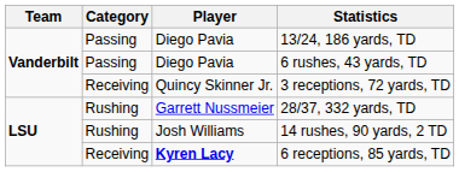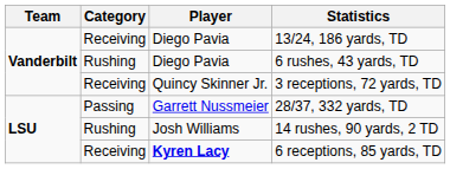 <table class="wikitable" style="float: right;">
 <tr>
 <th>Team</th>
 <th>Category</th>
 <th>Player</th>
 <th>Statistics</th>
 </tr>
 <tr>
 <td rowspan=3><strong>Vanderbilt</strong></td>
-<td>Passing</td>
+<td>Receiving</td>
 <td>Diego Pavia</td>
 <td>13/24, 186 yards, TD</td>
 </tr>
 <tr>
-<td>Passing</td>
+<td>Rushing</td>
 <td>Diego Pavia</td>
 <td>6 rushes, 43 yards, TD</td>
 </tr>
 <tr>
 <td>Receiving</td>
 <td>Quincy Skinner Jr.</td>
 <td>3 receptions, 72 yards, TD</td>
 </tr>
 <tr>
 <td rowspan=3><strong>LSU</strong></td>
-<td>Rushing</td>
+<td>Passing</td>
 <td><a href='#'>Garrett Nussmeier</a></td>
 <td>28/37, 332 yards, TD</td>
 </tr>
 <tr>
 <td>Rushing</td>
 <td>Josh Williams</td>
 <td>14 rushes, 90 yards, 2 TD</td>
 </tr>
 <tr>
 <td>Receiving</td>
 <td><strong><a href='#'>Kyren Lacy</a></strong></td>
 <td>6 receptions, 85 yards, TD</td>
 </tr>
 </table>
